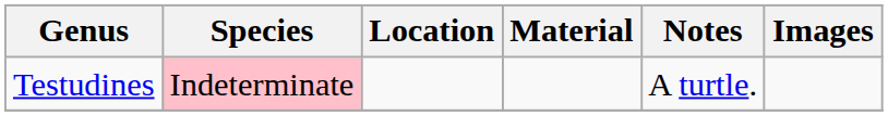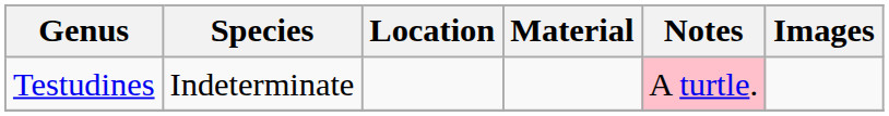 <table class="wikitable" align="center">
 <tr>
 <th>Genus</th>
 <th>Species</th>
 <th>Location</th>
 <th>Material</th>
 <th>Notes</th>
 <th>Images</th>
 </tr>
 <tr>
 <td><a href='#'>Testudines</a></td>
-<td style="background: pink;">Indeterminate</td>
+<td>Indeterminate</td>
 <td></td>
 <td></td>
-<td>A <a href='#'>turtle</a>.</td>
+<td style="background: pink;">A <a href='#'>turtle</a>.</td>
 <td></td>
 </tr>
 <tr>
 </tr>
 </table>
